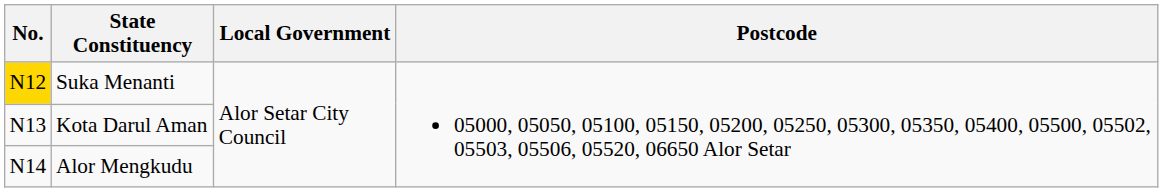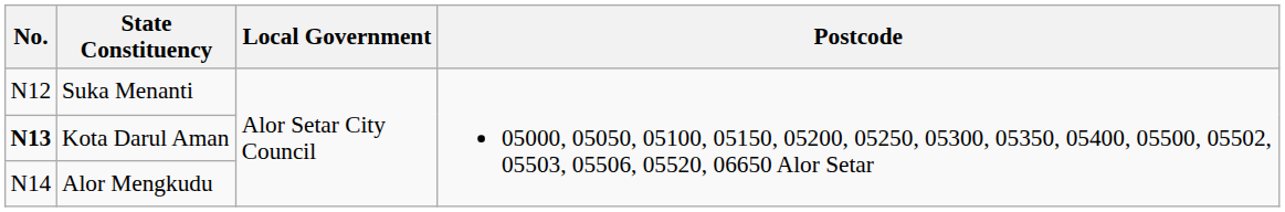 <table class="wikitable">
 <tr>
 <th>No.</th>
 <th>State Constituency</th>
 <th>Local Government</th>
 <th>Postcode</th>
 </tr>
 <tr>
-<td style="background: gold;">N12</td>
+<td>N12</td>
 <td>Suka Menanti</td>
 <td rowspan="3">Alor Setar City Council</td>
 <td rowspan="3"><br><ul><li>05000, 05050, 05100, 05150, 05200, 05250, 05300, 05350, 05400, 05500, 05502, 05503, 05506, 05520, 06650 Alor Setar</li></ul></td>
 </tr>
 <tr>
-<td>N13</td>
+<td><strong>N13</strong></td>
 <td>Kota Darul Aman</td>
 </tr>
 <tr>
 <td>N14</td>
 <td>Alor Mengkudu</td>
 </tr>
 </table>
